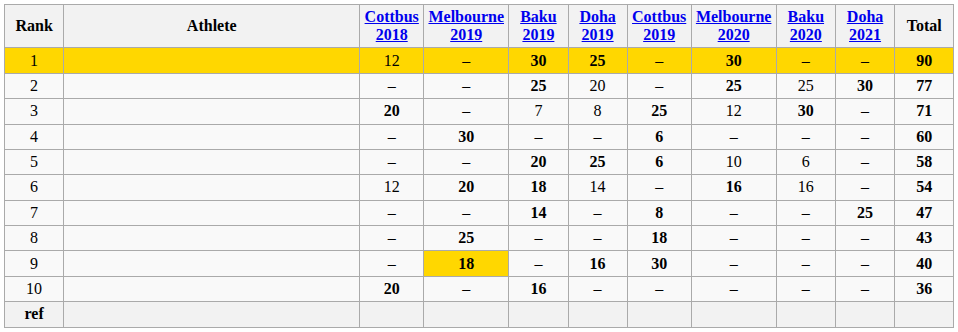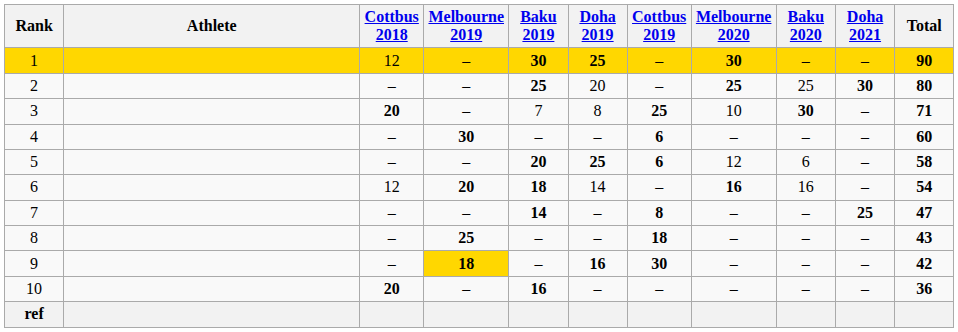 <table style="width:60%;" class="wikitable">
 <tr>
 <th style="text-align:center; width:6%;">Rank</th>
 <th style="text-align:center; width:30%;">Athlete</th>
 <th style="text-align:center; width:6%;"><a href='#'>Cottbus 2018</a></th>
 <th style="text-align:center; width:6%;"><a href='#'>Melbourne 2019</a></th>
 <th style="text-align:center; width:6%;"><a href='#'>Baku 2019</a></th>
 <th style="text-align:center; width:6%;"><a href='#'>Doha 2019</a></th>
 <th style="text-align:center; width:6%;"><a href='#'>Cottbus 2019</a></th>
 <th style="text-align:center; width:6%;"><a href='#'>Melbourne 2020</a></th>
 <th style="text-align:center; width:6%;"><a href='#'>Baku 2020</a></th>
 <th style="text-align:center; width:6%;"><a href='#'>Doha 2021</a></th>
 <th style="text-align:center; width:6%;">Total</th>
 </tr>
 <tr scope=row style="text-align:center" bgcolor=gold>
 <td>1</td>
 <td align=left></td>
 <td>12</td>
 <td>–</td>
 <td><strong>30</strong></td>
 <td><strong>25</strong></td>
 <td>–</td>
 <td><strong>30</strong></td>
 <td>–</td>
 <td>–</td>
 <td><strong>90</strong></td>
 </tr>
 <tr scope=row style="text-align:center">
 <td>2</td>
 <td align=left></td>
 <td>–</td>
 <td>–</td>
 <td><strong>25</strong></td>
 <td>20</td>
 <td>–</td>
 <td><strong>25</strong></td>
 <td>25</td>
 <td><strong>30</strong></td>
-<td><strong>77</strong></td>
+<td><strong>80</strong></td>
 </tr>
 <tr scope=row style="text-align:center">
 <td>3</td>
 <td align=left></td>
 <td><strong>20</strong></td>
 <td>–</td>
 <td>7</td>
 <td>8</td>
 <td><strong>25</strong></td>
-<td>12</td>
+<td>10</td>
 <td><strong>30</strong></td>
 <td>–</td>
 <td><strong>71</strong></td>
 </tr>
 <tr scope=row style="text-align:center">
 <td>4</td>
 <td align=left></td>
 <td>–</td>
 <td><strong>30</strong></td>
 <td>–</td>
 <td>–</td>
 <td><strong>6</strong></td>
 <td>–</td>
 <td>–</td>
 <td>–</td>
 <td><strong>60</strong></td>
 </tr>
 <tr scope=row style="text-align:center">
 <td>5</td>
 <td align=left></td>
 <td>–</td>
 <td>–</td>
 <td><strong>20</strong></td>
 <td><strong>25</strong></td>
 <td><strong>6</strong></td>
-<td>10</td>
+<td>12</td>
 <td>6</td>
 <td>–</td>
 <td><strong>58</strong></td>
 </tr>
 <tr scope=row style="text-align:center">
 <td>6</td>
 <td align=left></td>
 <td>12</td>
 <td><strong>20</strong></td>
 <td><strong>18</strong></td>
 <td>14</td>
 <td>–</td>
 <td><strong>16</strong></td>
 <td>16</td>
 <td>–</td>
 <td><strong>54</strong></td>
 </tr>
 <tr scope=row style="text-align:center">
 <td>7</td>
 <td align=left></td>
 <td>–</td>
 <td>–</td>
 <td><strong>14</strong></td>
 <td>–</td>
 <td><strong>8</strong></td>
 <td>–</td>
 <td>–</td>
 <td><strong>25</strong></td>
 <td><strong>47</strong></td>
 </tr>
 <tr scope=row style="text-align:center">
 <td>8</td>
 <td align=left></td>
 <td>–</td>
 <td><strong>25</strong></td>
 <td>–</td>
 <td>–</td>
 <td><strong>18</strong></td>
 <td>–</td>
 <td>–</td>
 <td>–</td>
 <td><strong>43</strong></td>
 </tr>
 <tr scope=row style="text-align:center">
 <td>9</td>
 <td align=left></td>
 <td>–</td>
 <td style="background: gold;"><strong>18</strong></td>
 <td>–</td>
 <td><strong>16</strong></td>
 <td><strong>30</strong></td>
 <td>–</td>
 <td>–</td>
 <td>–</td>
-<td><strong>40</strong></td>
+<td><strong>42</strong></td>
 </tr>
 <tr scope=row style="text-align:center">
 <td>10</td>
 <td align=left></td>
 <td><strong>20</strong></td>
 <td>–</td>
 <td><strong>16</strong></td>
 <td>–</td>
 <td>–</td>
 <td>–</td>
 <td>–</td>
 <td>–</td>
 <td><strong>36</strong></td>
 </tr>
 <tr>
 <th>ref</th>
 <th></th>
 <th></th>
 <th></th>
 <th></th>
 <th></th>
 <th></th>
 <th></th>
 <th></th>
 <th></th>
 <th></th>
 </tr>
 </table>
